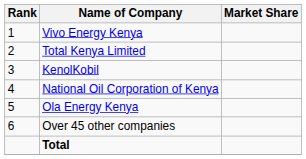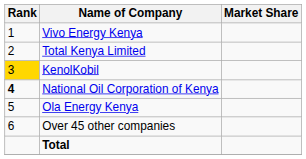 <table class="wikitable sortable" style="margin: 0.5em auto">
 <tr>
 <th>Rank</th>
 <th>Name of Company</th>
 <th>Market Share</th>
 </tr>
 <tr>
 <td>1</td>
 <td><a href='#'>Vivo Energy Kenya</a></td>
 <td></td>
 </tr>
 <tr>
 <td>2</td>
 <td><a href='#'>Total Kenya Limited</a></td>
 <td></td>
 </tr>
 <tr>
-<td>3</td>
+<td style="background: gold;">3</td>
 <td><a href='#'>KenolKobil</a></td>
 <td></td>
 </tr>
 <tr>
-<td>4</td>
+<td><strong>4</strong></td>
 <td><a href='#'>National Oil Corporation of Kenya</a></td>
 <td></td>
 </tr>
 <tr>
 <td>5</td>
 <td><a href='#'>Ola Energy Kenya</a></td>
 <td></td>
 </tr>
 <tr>
 <td>6</td>
 <td>Over 45 other companies</td>
 <td></td>
 </tr>
 <tr>
 <td></td>
 <td><strong>Total</strong></td>
 <td></td>
 </tr>
 <tr>
 </tr>
 </table>
